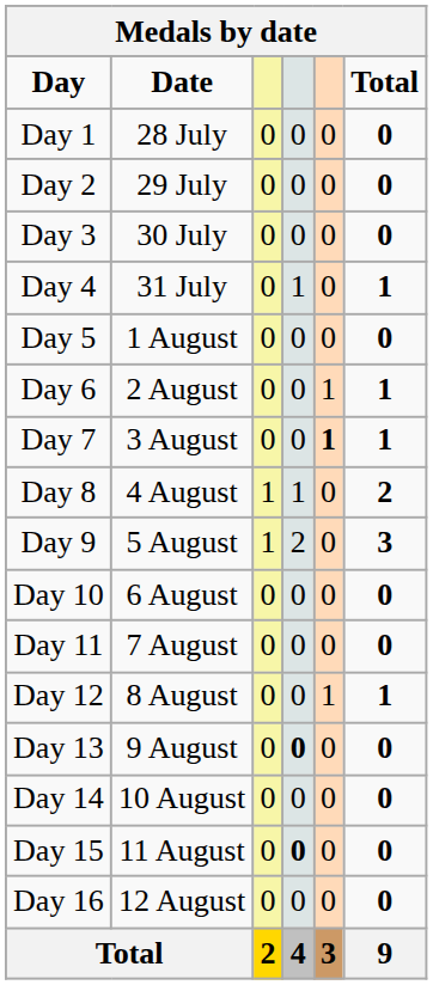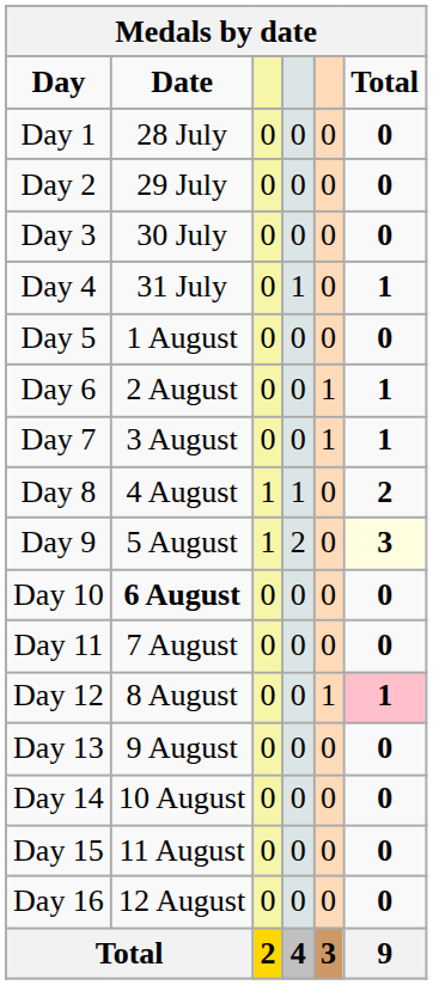 <table class=wikitable style="font-size:85%">
 <tr bgcolor=efefef>
 <th colspan=6>Medals by date</th>
 </tr>
 <tr align=center>
 <td><strong>Day</strong></td>
 <td><strong>Date</strong></td>
 <td bgcolor=#f7f6a8></td>
 <td bgcolor=#dce5e5></td>
 <td bgcolor=#ffdab9></td>
 <td><strong>Total</strong></td>
 </tr>
 <tr align=center>
 <td>Day 1</td>
 <td>28 July</td>
 <td bgcolor=F7F6A8>0</td>
 <td bgcolor=DCE5E5>0</td>
 <td bgcolor=FFDAB9>0</td>
 <td><strong>0</strong></td>
 </tr>
 <tr align=center>
 <td>Day 2</td>
 <td>29 July</td>
 <td bgcolor=F7F6A8>0</td>
 <td bgcolor=DCE5E5>0</td>
 <td bgcolor=FFDAB9>0</td>
 <td><strong>0</strong></td>
 </tr>
 <tr align=center>
 <td>Day 3</td>
 <td>30 July</td>
 <td bgcolor=F7F6A8>0</td>
 <td bgcolor=DCE5E5>0</td>
 <td bgcolor=FFDAB9>0</td>
 <td><strong>0</strong></td>
 </tr>
 <tr align=center>
 <td>Day 4</td>
 <td>31 July</td>
 <td bgcolor=F7F6A8>0</td>
 <td bgcolor=DCE5E5>1</td>
 <td bgcolor=FFDAB9>0</td>
 <td><strong>1</strong></td>
 </tr>
 <tr align=center>
 <td>Day 5</td>
 <td>1 August</td>
 <td bgcolor=F7F6A8>0</td>
 <td bgcolor=DCE5E5>0</td>
 <td bgcolor=FFDAB9>0</td>
 <td><strong>0</strong></td>
 </tr>
 <tr align=center>
 <td>Day 6</td>
 <td>2 August</td>
 <td bgcolor=F7F6A8>0</td>
 <td bgcolor=DCE5E5>0</td>
 <td bgcolor=FFDAB9>1</td>
 <td><strong>1</strong></td>
 </tr>
 <tr align=center>
 <td>Day 7</td>
 <td>3 August</td>
 <td bgcolor=F7F6A8>0</td>
 <td bgcolor=DCE5E5>0</td>
-<td bgcolor=FFDAB9><strong>1</strong></td>
+<td bgcolor=FFDAB9>1</td>
 <td><strong>1</strong></td>
 </tr>
 <tr align=center>
 <td>Day 8</td>
 <td>4 August</td>
 <td bgcolor=F7F6A8>1</td>
 <td bgcolor=DCE5E5>1</td>
 <td bgcolor=FFDAB9>0</td>
 <td><strong>2</strong></td>
 </tr>
 <tr align=center>
 <td>Day 9</td>
 <td>5 August</td>
 <td bgcolor=F7F6A8>1</td>
 <td bgcolor=DCE5E5>2</td>
 <td bgcolor=FFDAB9>0</td>
-<td><strong>3</strong></td>
+<td style="background: lightyellow;"><strong>3</strong></td>
 </tr>
 <tr align=center>
 <td>Day 10</td>
-<td>6 August</td>
+<td><strong>6 August</strong></td>
 <td bgcolor=F7F6A8>0</td>
 <td bgcolor=DCE5E5>0</td>
 <td bgcolor=FFDAB9>0</td>
 <td><strong>0</strong></td>
 </tr>
 <tr align=center>
 <td>Day 11</td>
 <td>7 August</td>
 <td bgcolor=F7F6A8>0</td>
 <td bgcolor=DCE5E5>0</td>
 <td bgcolor=FFDAB9>0</td>
 <td><strong>0</strong></td>
 </tr>
 <tr align=center>
 <td>Day 12</td>
 <td>8 August</td>
 <td bgcolor=F7F6A8>0</td>
 <td bgcolor=DCE5E5>0</td>
 <td bgcolor=FFDAB9>1</td>
-<td><strong>1</strong></td>
+<td style="background: pink;"><strong>1</strong></td>
 </tr>
 <tr align=center>
 <td>Day 13</td>
 <td>9 August</td>
 <td bgcolor=F7F6A8>0</td>
-<td bgcolor=DCE5E5><strong>0</strong></td>
+<td bgcolor=DCE5E5>0</td>
 <td bgcolor=FFDAB9>0</td>
 <td><strong>0</strong></td>
 </tr>
 <tr align=center>
 <td>Day 14</td>
 <td>10 August</td>
 <td bgcolor=F7F6A8>0</td>
 <td bgcolor=DCE5E5>0</td>
 <td bgcolor=FFDAB9>0</td>
 <td><strong>0</strong></td>
 </tr>
 <tr align=center>
 <td>Day 15</td>
 <td>11 August</td>
 <td bgcolor=F7F6A8>0</td>
-<td bgcolor=DCE5E5><strong>0</strong></td>
+<td bgcolor=DCE5E5>0</td>
 <td bgcolor=FFDAB9>0</td>
 <td><strong>0</strong></td>
 </tr>
 <tr align=center>
 <td>Day 16</td>
 <td>12 August</td>
 <td bgcolor=F7F6A8>0</td>
 <td bgcolor=DCE5E5>0</td>
 <td bgcolor=FFDAB9>0</td>
 <td><strong>0</strong></td>
 </tr>
 <tr>
 <th colspan=2>Total</th>
 <th style="background:gold">2</th>
 <th style="background:silver">4</th>
 <th style="background:#c96">3</th>
 <th>9</th>
 </tr>
 </table>
